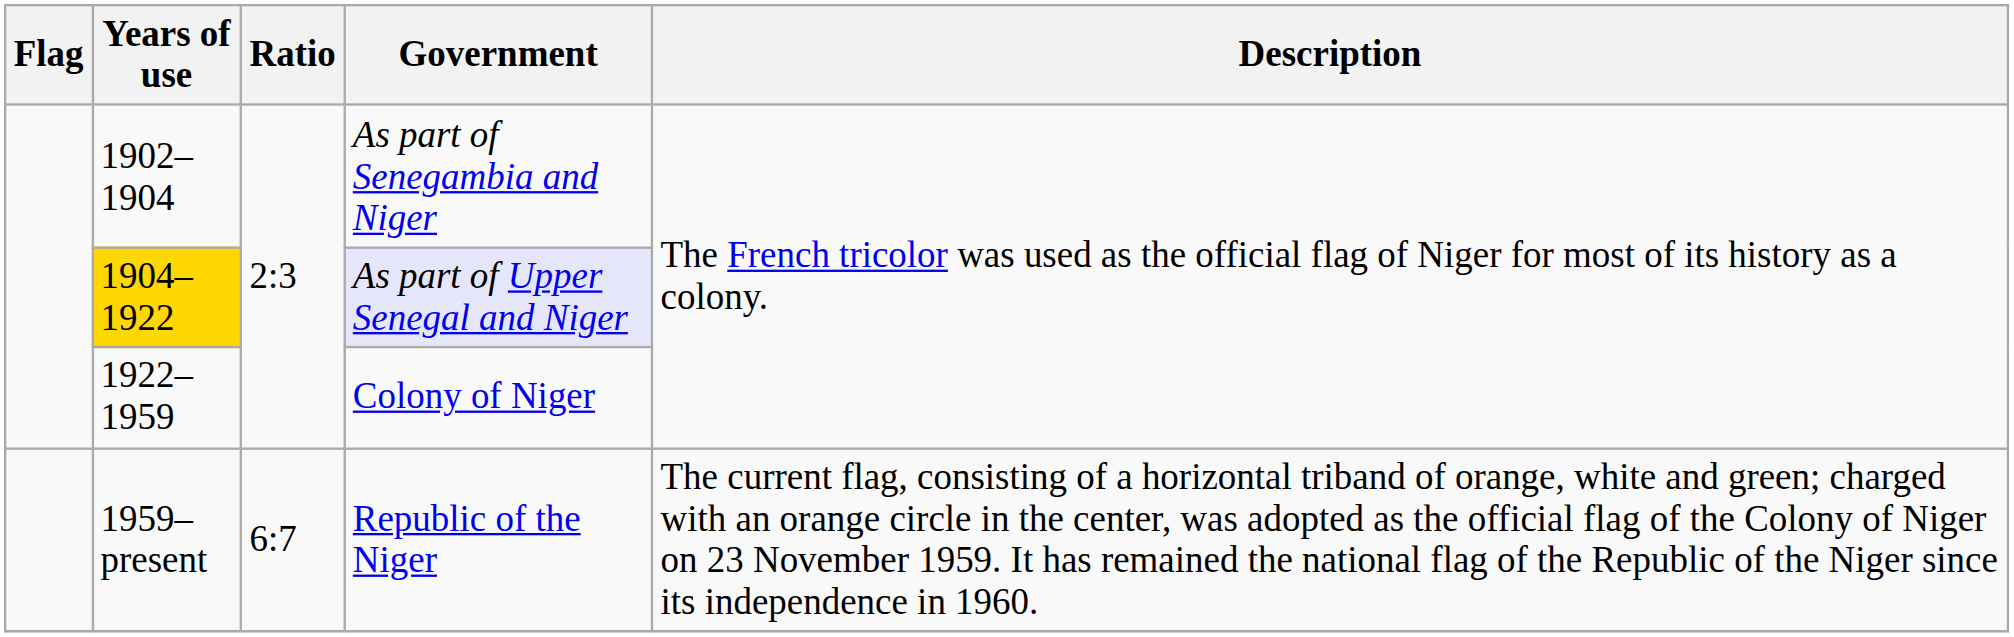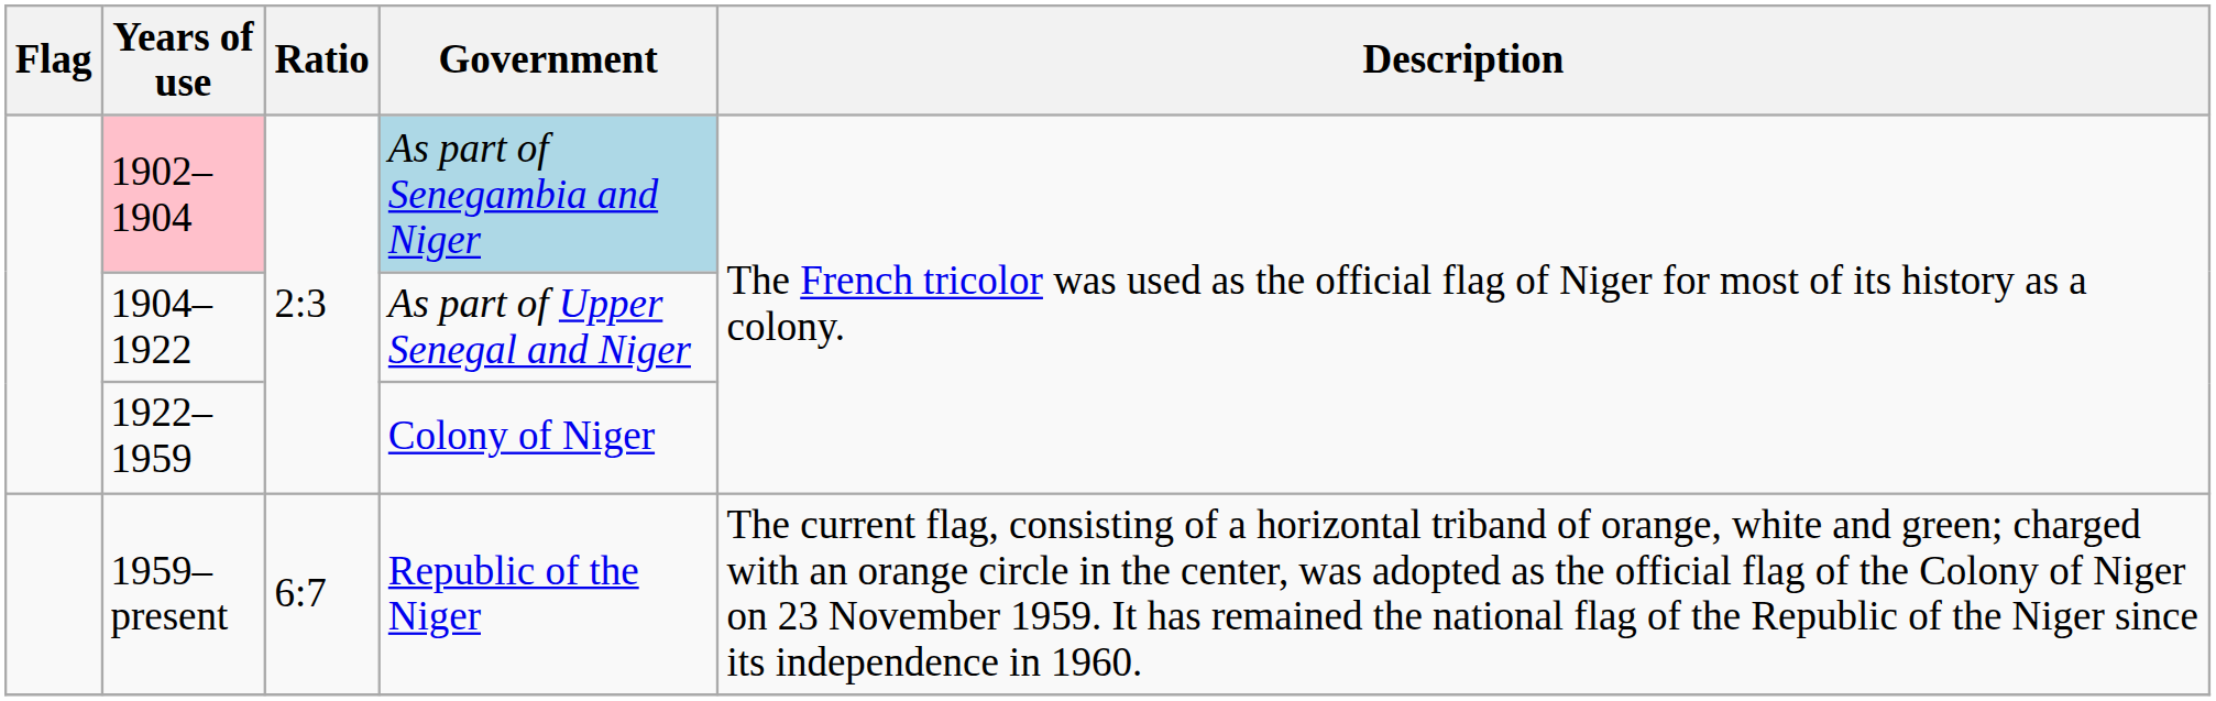 <table class="wikitable">
 <tr>
 <th><strong>Flag</strong></th>
 <th><strong>Years of use</strong></th>
 <th><strong>Ratio</strong></th>
 <th><strong>Government</strong></th>
 <th><strong>Description</strong></th>
 </tr>
 <tr>
 <td rowspan=3></td>
-<td>1902–1904</td>
+<td style="background: pink;">1902–1904</td>
 <td rowspan=3>2:3</td>
-<td><em>As part of <a href='#'>Senegambia and Niger</a></em></td>
+<td style="background: lightblue;"><em>As part of <a href='#'>Senegambia and Niger</a></em></td>
 <td rowspan=3>The <a href='#'>French tricolor</a> was used as the official flag of Niger for most of its history as a colony.</td>
 </tr>
 <tr>
-<td style="background: gold;">1904–1922</td>
-<td style="background: lavender;"><em>As part of <a href='#'>Upper Senegal and Niger</a></em></td>
+<td>1904–1922</td>
+<td><em>As part of <a href='#'>Upper Senegal and Niger</a></em></td>
 </tr>
 <tr>
 <td>1922–1959</td>
 <td rowspan="2"><a href='#'>Colony of Niger</a></td>
 </tr>
 <tr>
 <td rowspan="2"></td>
 <td rowspan="2">1959–present</td>
 <td rowspan="2">6:7</td>
 <td rowspan="2">The current flag, consisting of a horizontal triband of orange, white and green; charged with an orange circle in the center, was adopted as the official flag of the Colony of Niger on 23 November 1959. It has remained the national flag of the Republic of the Niger since its independence in 1960.</td>
 </tr>
 <tr>
 <td><a href='#'>Republic of the Niger</a></td>
 </tr>
 <tr>
 </tr>
 </table>
